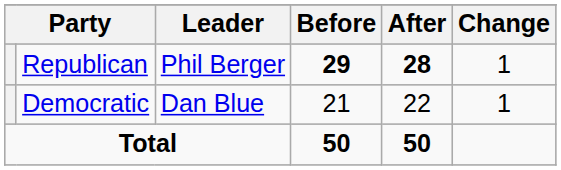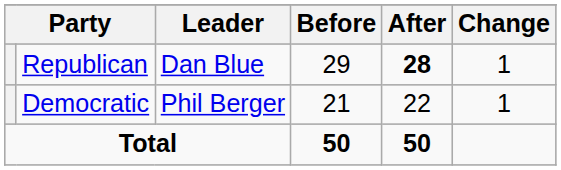 <table class="wikitable" style="text-align:center;">
 <tr>
 </tr>
 <tr>
 <th colspan=2>Party</th>
 <th>Leader</th>
 <th>Before</th>
 <th>After</th>
 <th>Change</th>
 </tr>
 <tr>
 <th style="background-color:"></th>
 <td style="text-align:left;"><a href='#'>Republican</a></td>
-<td style="text-align:left;"><a href='#'>Phil Berger</a></td>
-<td><strong>29</strong></td>
+<td style="text-align:left;"><a href='#'>Dan Blue</a></td>
+<td>29</td>
 <td><strong>28</strong></td>
 <td> 1</td>
 </tr>
 <tr>
 <th style="background-color:"></th>
 <td style="text-align:left;"><a href='#'>Democratic</a></td>
-<td style="text-align:left;"><a href='#'>Dan Blue</a></td>
+<td style="text-align:left;"><a href='#'>Phil Berger</a></td>
 <td>21</td>
 <td>22</td>
 <td> 1</td>
 </tr>
 <tr>
 <td colspan=3><strong>Total</strong></td>
 <td><strong>50</strong></td>
 <td><strong>50</strong></td>
 <td></td>
 </tr>
 </table>
